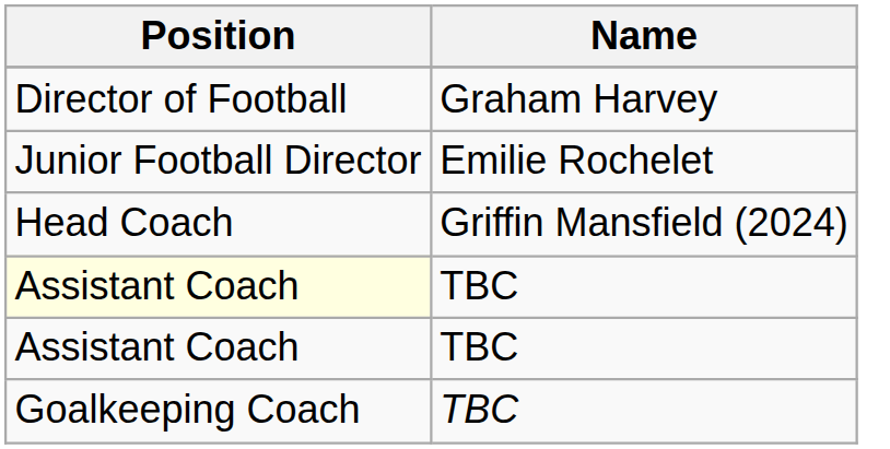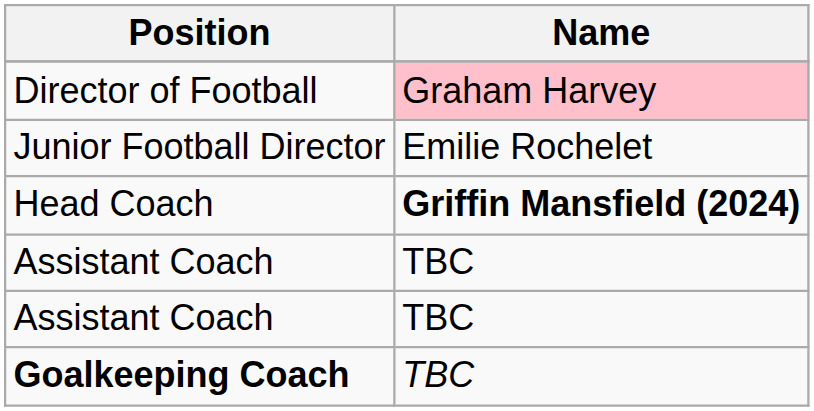 <table class="wikitable">
 <tr>
 <th>Position</th>
 <th>Name</th>
 </tr>
 <tr>
 </tr>
 <tr>
 <td>Director of Football</td>
-<td>Graham Harvey</td>
+<td style="background: pink;">Graham Harvey</td>
 </tr>
 <tr>
 <td>Junior Football Director</td>
 <td>Emilie Rochelet</td>
 </tr>
 <tr>
 <td>Head Coach</td>
-<td>Griffin Mansfield (2024)</td>
+<td><strong>Griffin Mansfield (2024)</strong></td>
 </tr>
 <tr>
-<td style="background: lightyellow;">Assistant Coach</td>
+<td>Assistant Coach</td>
 <td>TBC</td>
 </tr>
 <tr>
 <td>Assistant Coach</td>
 <td>TBC</td>
 </tr>
 <tr>
-<td>Goalkeeping Coach</td>
+<td><strong>Goalkeeping Coach</strong></td>
 <td><em>TBC</em></td>
 </tr>
 </table>
